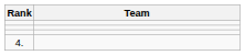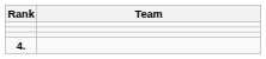 <table class="wikitable" style="font-size:95%;">
 <tr>
 <th>Rank</th>
 <th align="left" style="width: 20em">Team</th>
 </tr>
 <tr>
 <td align="center"></td>
 <td></td>
 </tr>
 <tr>
 <td align="center"></td>
 <td></td>
 </tr>
 <tr>
 <td align="center"></td>
 <td></td>
 </tr>
 <tr>
-<td rowspan=1 align="center">4.</td>
+<td rowspan=1 align="center"><strong>4.</strong></td>
 <td></td>
 </tr>
 </table>
